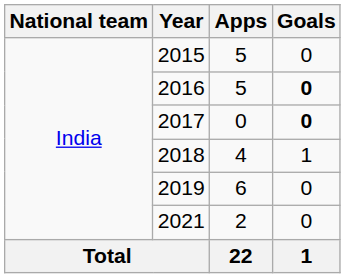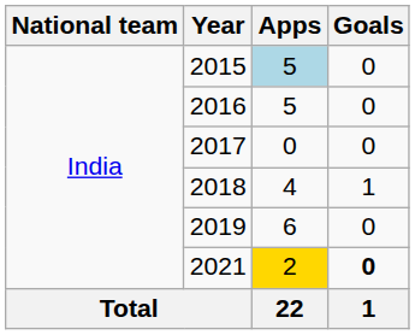 <table class="wikitable" style="text-align: center;">
 <tr>
 <th>National team</th>
 <th>Year</th>
 <th>Apps</th>
 <th>Goals</th>
 </tr>
 <tr>
 <td rowspan="6"><a href='#'>India</a></td>
 <td>2015</td>
-<td>5</td>
+<td style="background: lightblue;">5</td>
 <td>0</td>
 </tr>
 <tr>
 <td>2016</td>
 <td>5</td>
-<td><strong>0</strong></td>
+<td>0</td>
 </tr>
 <tr>
 <td>2017</td>
 <td>0</td>
-<td><strong>0</strong></td>
+<td>0</td>
 </tr>
 <tr>
 <td>2018</td>
 <td>4</td>
 <td>1</td>
 </tr>
 <tr>
 <td>2019</td>
 <td>6</td>
 <td>0</td>
 </tr>
 <tr>
 <td>2021</td>
-<td>2</td>
-<td>0</td>
+<td style="background: gold;">2</td>
+<td><strong>0</strong></td>
 </tr>
 <tr>
 <th colspan="2">Total</th>
 <th>22</th>
 <th>1</th>
 </tr>
 </table>
